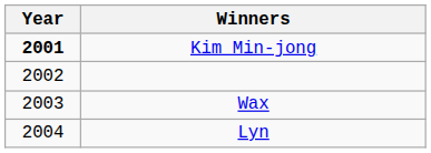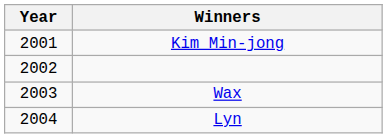 <table class="wikitable" style="text-align:center;">
 <tr>
 <th width="50">Year</th>
 <th width="250">Winners</th>
 </tr>
 <tr>
-<td><strong>2001</strong></td>
+<td>2001</td>
 <td><a href='#'>Kim Min-jong</a></td>
 </tr>
 <tr>
 <td>2002</td>
 <td></td>
 </tr>
 <tr>
 <td>2003</td>
 <td><a href='#'>Wax</a></td>
 </tr>
 <tr>
 <td>2004</td>
 <td><a href='#'>Lyn</a></td>
 </tr>
 </table>
